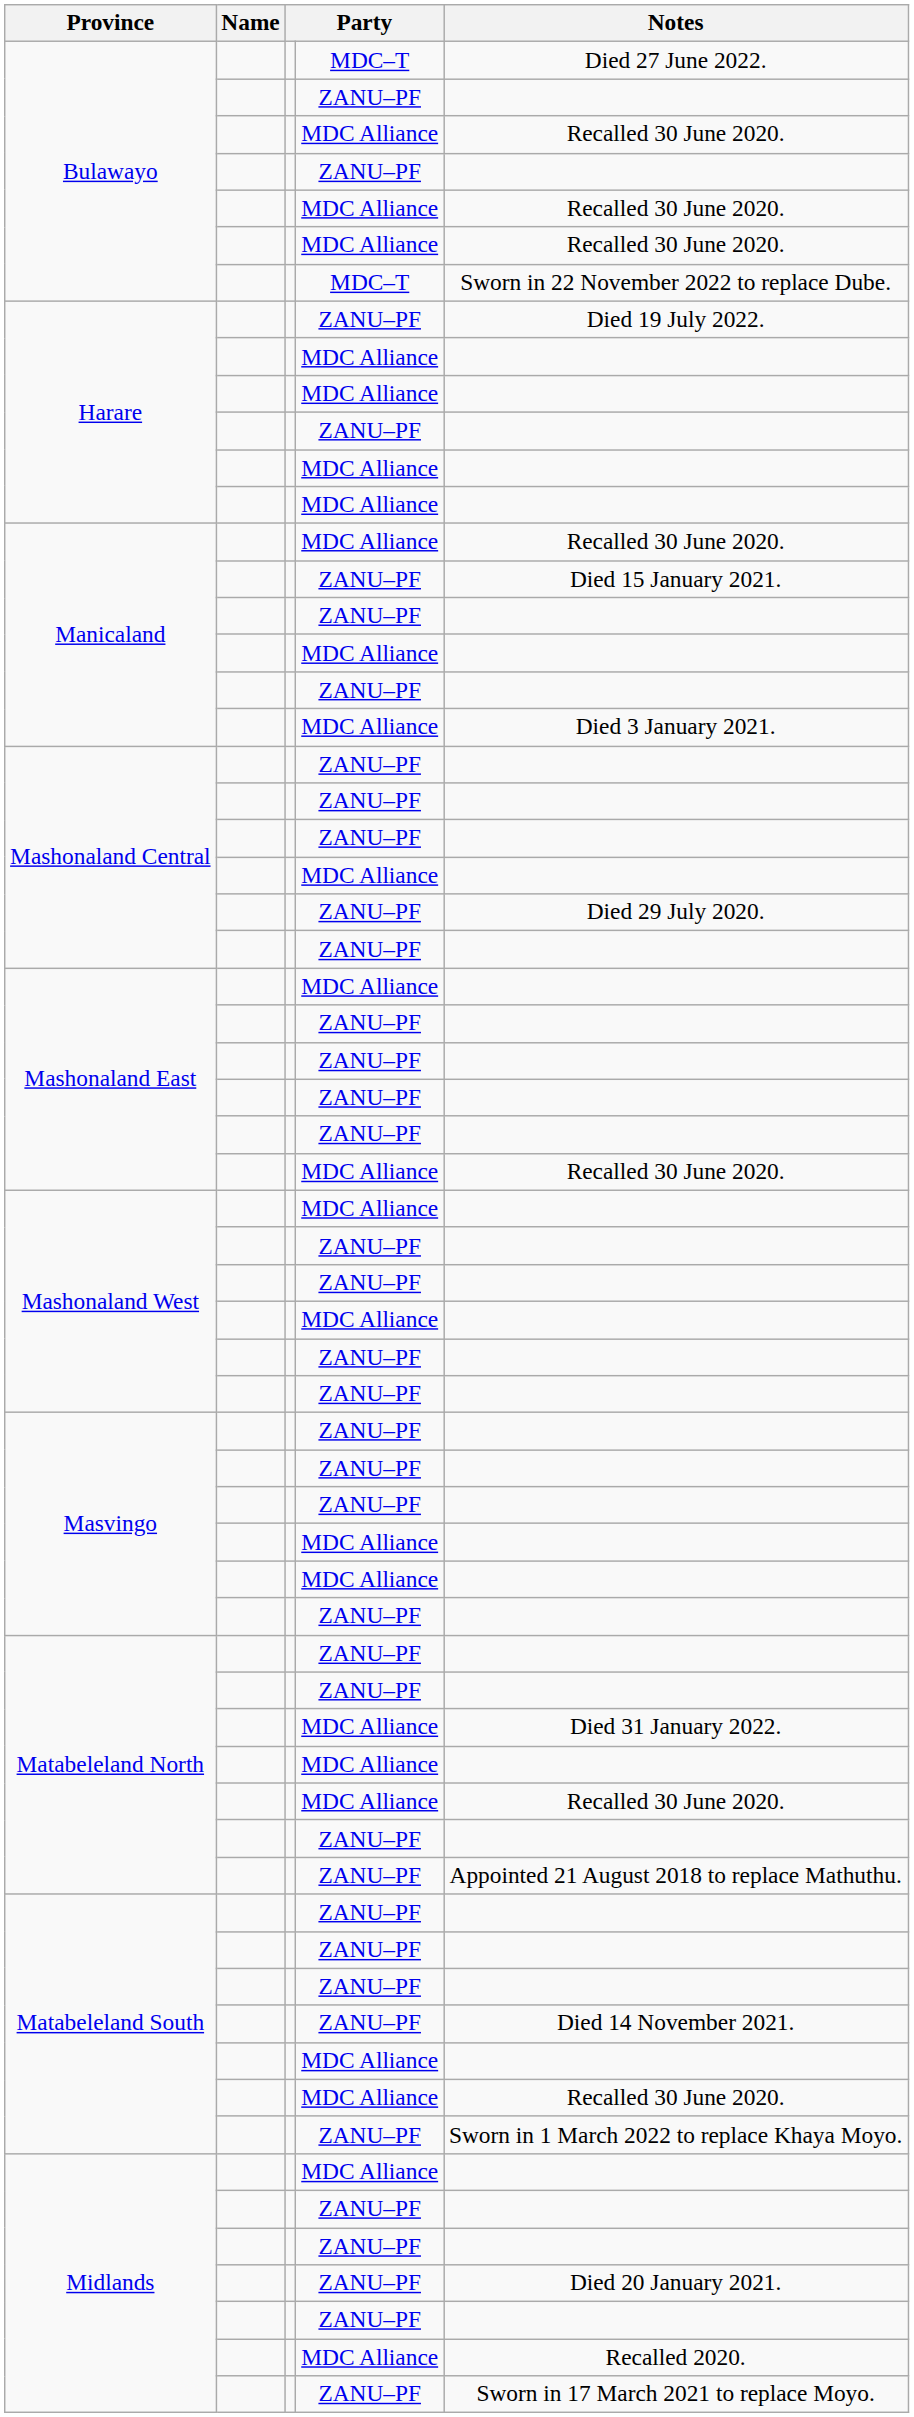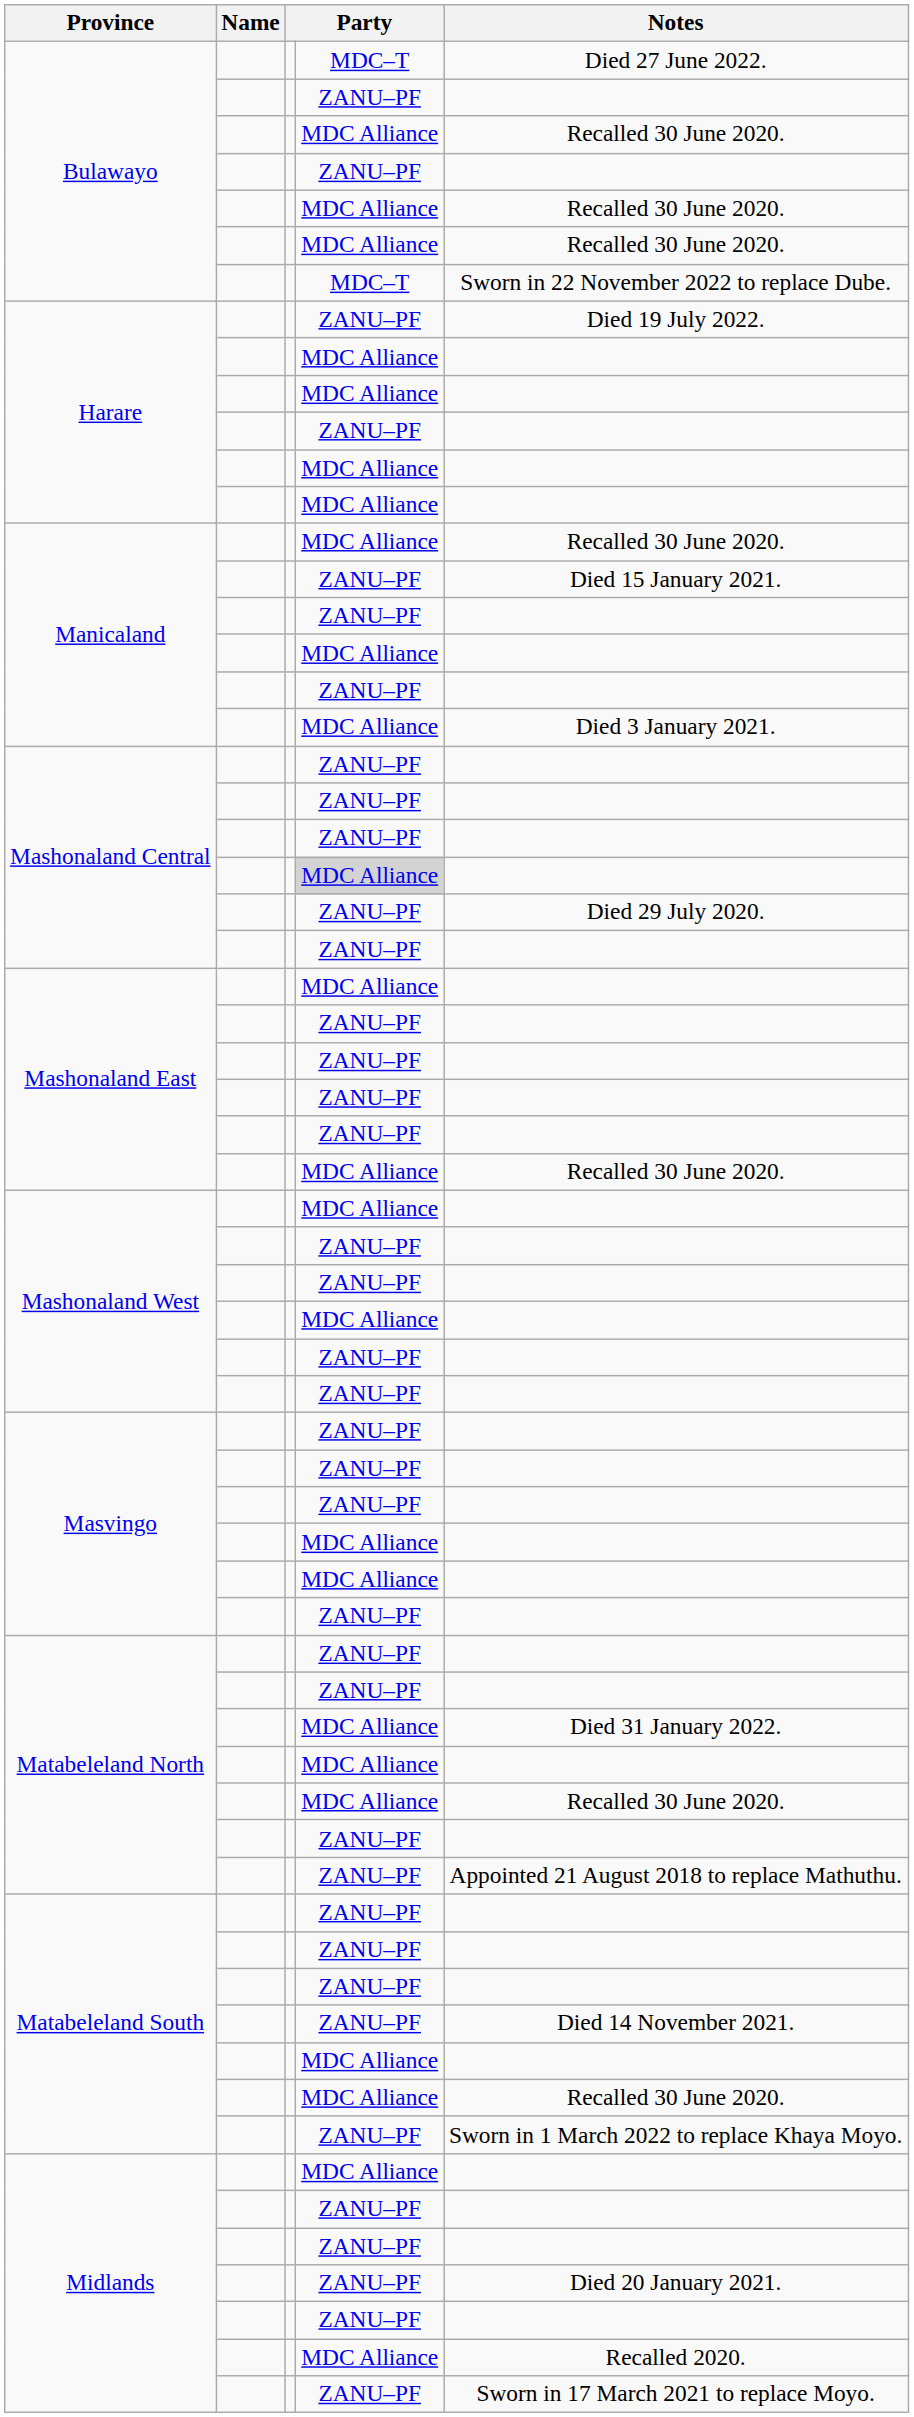 <table class="wikitable" style="text-align:center">
 <tr>
 <th>Province</th>
 <th>Name</th>
 <th colspan="2">Party</th>
 <th>Notes</th>
 </tr>
 <tr>
 <td rowspan="7"><a href='#'>Bulawayo</a></td>
 <td></td>
 <td style="background-color: "></td>
 <td><a href='#'>MDC–T</a></td>
 <td>Died 27 June 2022.</td>
 </tr>
 <tr>
 <td></td>
 <td style="background-color: "></td>
 <td><a href='#'>ZANU–PF</a></td>
 <td></td>
 </tr>
 <tr>
 <td></td>
 <td style="background-color: "></td>
 <td><a href='#'>MDC Alliance</a></td>
 <td>Recalled 30 June 2020.</td>
 </tr>
 <tr>
 <td></td>
 <td style="background-color: "></td>
 <td><a href='#'>ZANU–PF</a></td>
 <td></td>
 </tr>
 <tr>
 <td></td>
 <td style="background-color: "></td>
 <td><a href='#'>MDC Alliance</a></td>
 <td>Recalled 30 June 2020.</td>
 </tr>
 <tr>
 <td></td>
 <td style="background-color: "></td>
 <td><a href='#'>MDC Alliance</a></td>
 <td>Recalled 30 June 2020.</td>
 </tr>
 <tr>
 <td></td>
 <td style="background-color: "></td>
 <td><a href='#'>MDC–T</a></td>
 <td>Sworn in 22 November 2022 to replace Dube.</td>
 </tr>
 <tr>
 <td rowspan="6"><a href='#'>Harare</a></td>
 <td></td>
 <td style="background:"></td>
 <td><a href='#'>ZANU–PF</a></td>
 <td>Died 19 July 2022.</td>
 </tr>
 <tr>
 <td></td>
 <td style="background-color: "></td>
 <td><a href='#'>MDC Alliance</a></td>
 <td></td>
 </tr>
 <tr>
 <td></td>
 <td style="background-color: "></td>
 <td><a href='#'>MDC Alliance</a></td>
 <td></td>
 </tr>
 <tr>
 <td></td>
 <td style="background:"></td>
 <td><a href='#'>ZANU–PF</a></td>
 <td></td>
 </tr>
 <tr>
 <td></td>
 <td style="background-color: "></td>
 <td><a href='#'>MDC Alliance</a></td>
 <td></td>
 </tr>
 <tr>
 <td></td>
 <td style="background-color: "></td>
 <td><a href='#'>MDC Alliance</a></td>
 <td></td>
 </tr>
 <tr>
 <td rowspan="6"><a href='#'>Manicaland</a></td>
 <td></td>
 <td style="background-color: "></td>
 <td><a href='#'>MDC Alliance</a></td>
 <td>Recalled 30 June 2020.</td>
 </tr>
 <tr>
 <td></td>
 <td style="background-color: "></td>
 <td><a href='#'>ZANU–PF</a></td>
 <td>Died 15 January 2021.</td>
 </tr>
 <tr>
 <td></td>
 <td style="background-color: "></td>
 <td><a href='#'>ZANU–PF</a></td>
 <td></td>
 </tr>
 <tr>
 <td></td>
 <td style="background-color: "></td>
 <td><a href='#'>MDC Alliance</a></td>
 <td></td>
 </tr>
 <tr>
 <td></td>
 <td style="background-color: "></td>
 <td><a href='#'>ZANU–PF</a></td>
 <td></td>
 </tr>
 <tr>
 <td></td>
 <td style="background-color: "></td>
 <td><a href='#'>MDC Alliance</a></td>
 <td>Died 3 January 2021.</td>
 </tr>
 <tr>
 <td rowspan="6"><a href='#'>Mashonaland Central</a></td>
 <td></td>
 <td style="background-color: "></td>
 <td><a href='#'>ZANU–PF</a></td>
 <td></td>
 </tr>
 <tr>
 <td></td>
 <td style="background-color: "></td>
 <td><a href='#'>ZANU–PF</a></td>
 <td></td>
 </tr>
 <tr>
 <td></td>
 <td style="background-color: "></td>
 <td><a href='#'>ZANU–PF</a></td>
 <td></td>
 </tr>
 <tr>
 <td></td>
 <td style="background-color: "></td>
-<td><a href='#'>MDC Alliance</a></td>
+<td style="background: lightgrey;"><a href='#'>MDC Alliance</a></td>
 <td></td>
 </tr>
 <tr>
 <td></td>
 <td style="background-color: "></td>
 <td><a href='#'>ZANU–PF</a></td>
 <td>Died 29 July 2020.</td>
 </tr>
 <tr>
 <td></td>
 <td style="background-color: "></td>
 <td><a href='#'>ZANU–PF</a></td>
 <td></td>
 </tr>
 <tr>
 <td rowspan="6"><a href='#'>Mashonaland East</a></td>
 <td></td>
 <td style="background-color: "></td>
 <td><a href='#'>MDC Alliance</a></td>
 <td></td>
 </tr>
 <tr>
 <td></td>
 <td style="background-color: "></td>
 <td><a href='#'>ZANU–PF</a></td>
 <td></td>
 </tr>
 <tr>
 <td></td>
 <td style="background-color: "></td>
 <td><a href='#'>ZANU–PF</a></td>
 <td></td>
 </tr>
 <tr>
 <td></td>
 <td style="background-color: "></td>
 <td><a href='#'>ZANU–PF</a></td>
 <td></td>
 </tr>
 <tr>
 <td></td>
 <td style="background-color: "></td>
 <td><a href='#'>ZANU–PF</a></td>
 <td></td>
 </tr>
 <tr>
 <td></td>
 <td style="background-color: "></td>
 <td><a href='#'>MDC Alliance</a></td>
 <td>Recalled 30 June 2020.</td>
 </tr>
 <tr>
 <td rowspan="6"><a href='#'>Mashonaland West</a></td>
 <td></td>
 <td style="background-color: "></td>
 <td><a href='#'>MDC Alliance</a></td>
 <td></td>
 </tr>
 <tr>
 <td></td>
 <td style="background-color: "></td>
 <td><a href='#'>ZANU–PF</a></td>
 <td></td>
 </tr>
 <tr>
 <td></td>
 <td style="background-color: "></td>
 <td><a href='#'>ZANU–PF</a></td>
 <td></td>
 </tr>
 <tr>
 <td></td>
 <td style="background-color: "></td>
 <td><a href='#'>MDC Alliance</a></td>
 <td></td>
 </tr>
 <tr>
 <td></td>
 <td style="background-color: "></td>
 <td><a href='#'>ZANU–PF</a></td>
 <td></td>
 </tr>
 <tr>
 <td></td>
 <td style="background-color: "></td>
 <td><a href='#'>ZANU–PF</a></td>
 <td></td>
 </tr>
 <tr>
 <td rowspan="6"><a href='#'>Masvingo</a></td>
 <td></td>
 <td style="background-color: "></td>
 <td><a href='#'>ZANU–PF</a></td>
 <td></td>
 </tr>
 <tr>
 <td></td>
 <td style="background-color: "></td>
 <td><a href='#'>ZANU–PF</a></td>
 <td></td>
 </tr>
 <tr>
 <td></td>
 <td style="background-color: "></td>
 <td><a href='#'>ZANU–PF</a></td>
 <td></td>
 </tr>
 <tr>
 <td></td>
 <td style="background-color: "></td>
 <td><a href='#'>MDC Alliance</a></td>
 <td></td>
 </tr>
 <tr>
 <td></td>
 <td style="background-color: "></td>
 <td><a href='#'>MDC Alliance</a></td>
 <td></td>
 </tr>
 <tr>
 <td></td>
 <td style="background-color: "></td>
 <td><a href='#'>ZANU–PF</a></td>
 <td></td>
 </tr>
 <tr>
 <td rowspan="7"><a href='#'>Matabeleland North</a></td>
 <td></td>
 <td style="background-color: "></td>
 <td><a href='#'>ZANU–PF</a></td>
 <td></td>
 </tr>
 <tr>
 <td></td>
 <td style="background-color: "></td>
 <td><a href='#'>ZANU–PF</a></td>
 <td></td>
 </tr>
 <tr>
 <td></td>
 <td style="background-color: "></td>
 <td><a href='#'>MDC Alliance</a></td>
 <td>Died 31 January 2022.</td>
 </tr>
 <tr>
 <td></td>
 <td style="background-color: "></td>
 <td><a href='#'>MDC Alliance</a></td>
 <td></td>
 </tr>
 <tr>
 <td></td>
 <td style="background-color: "></td>
 <td><a href='#'>MDC Alliance</a></td>
 <td>Recalled 30 June 2020.</td>
 </tr>
 <tr>
 <td><em></em></td>
 <td style="background-color: "></td>
 <td><a href='#'>ZANU–PF</a></td>
 <td></td>
 </tr>
 <tr>
 <td></td>
 <td style="background-color: "></td>
 <td><a href='#'>ZANU–PF</a></td>
 <td>Appointed 21 August 2018 to replace Mathuthu.</td>
 </tr>
 <tr>
 <td rowspan="7"><a href='#'>Matabeleland South</a></td>
 <td></td>
 <td style="background-color: "></td>
 <td><a href='#'>ZANU–PF</a></td>
 <td></td>
 </tr>
 <tr>
 <td></td>
 <td style="background-color: "></td>
 <td><a href='#'>ZANU–PF</a></td>
 <td></td>
 </tr>
 <tr>
 <td></td>
 <td style="background-color: "></td>
 <td><a href='#'>ZANU–PF</a></td>
 <td></td>
 </tr>
 <tr>
 <td></td>
 <td style="background-color: "></td>
 <td><a href='#'>ZANU–PF</a></td>
 <td>Died 14 November 2021.</td>
 </tr>
 <tr>
 <td></td>
 <td style="background-color: "></td>
 <td><a href='#'>MDC Alliance</a></td>
 <td></td>
 </tr>
 <tr>
 <td></td>
 <td style="background-color: "></td>
 <td><a href='#'>MDC Alliance</a></td>
 <td>Recalled 30 June 2020.</td>
 </tr>
 <tr>
 <td></td>
 <td style="background-color: "></td>
 <td><a href='#'>ZANU–PF</a></td>
 <td>Sworn in 1 March 2022 to replace Khaya Moyo.</td>
 </tr>
 <tr>
 <td rowspan="7"><a href='#'>Midlands</a></td>
 <td></td>
 <td style="background-color: "></td>
 <td><a href='#'>MDC Alliance</a></td>
 <td></td>
 </tr>
 <tr>
 <td></td>
 <td style="background-color: "></td>
 <td><a href='#'>ZANU–PF</a></td>
 <td></td>
 </tr>
 <tr>
 <td></td>
 <td style="background-color: "></td>
 <td><a href='#'>ZANU–PF</a></td>
 <td></td>
 </tr>
 <tr>
 <td></td>
 <td style="background-color: "></td>
 <td><a href='#'>ZANU–PF</a></td>
 <td>Died 20 January 2021.</td>
 </tr>
 <tr>
 <td></td>
 <td style="background-color: "></td>
 <td><a href='#'>ZANU–PF</a></td>
 <td></td>
 </tr>
 <tr>
 <td></td>
 <td style="background-color: "></td>
 <td><a href='#'>MDC Alliance</a></td>
 <td>Recalled 2020.</td>
 </tr>
 <tr>
 <td></td>
 <td style="background-color: "></td>
 <td><a href='#'>ZANU–PF</a></td>
 <td>Sworn in 17 March 2021 to replace Moyo.</td>
 </tr>
 </table>
